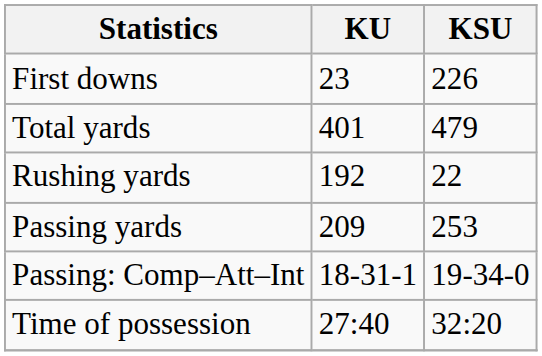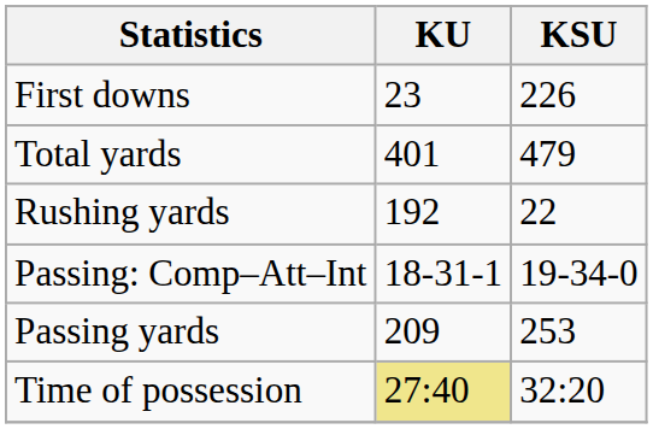 <table class="wikitable" style="float: left;">
 <tr>
 <th>Statistics</th>
 <th>KU</th>
 <th>KSU</th>
 </tr>
 <tr>
 <td>First downs</td>
 <td>23</td>
 <td>226</td>
 </tr>
 <tr>
 <td>Total yards</td>
 <td>401</td>
 <td>479</td>
 </tr>
 <tr>
 <td>Rushing yards</td>
 <td>192</td>
 <td>22</td>
 </tr>
 <tr>
+<td>Passing: Comp–Att–Int</td>
+<td>18-31-1</td>
+<td>19-34-0</td>
+</tr>
+<tr>
 <td>Passing yards</td>
 <td>209</td>
 <td>253</td>
 </tr>
 <tr>
-<td>Passing: Comp–Att–Int</td>
-<td>18-31-1</td>
-<td>19-34-0</td>
-</tr>
-<tr>
 <td>Time of possession</td>
-<td>27:40</td>
+<td style="background: khaki;">27:40</td>
 <td>32:20</td>
 </tr>
 <tr>
 </tr>
 </table>
